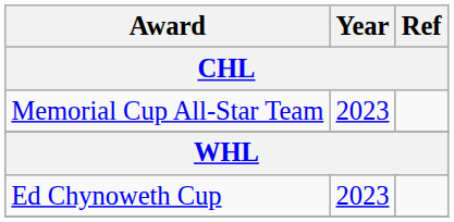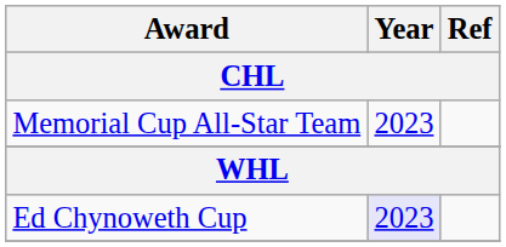 <table class="wikitable">
 <tr>
 <th>Award</th>
 <th>Year</th>
 <th>Ref</th>
 </tr>
 <tr ALIGN="center" bgcolor="#e0e0e0">
 <th colspan="4"><a href='#'>CHL</a></th>
 </tr>
 <tr>
 <td><a href='#'>Memorial Cup All-Star Team</a></td>
 <td><a href='#'>2023</a></td>
 <td></td>
 </tr>
 <tr>
 </tr>
 <tr ALIGN="center" bgcolor="#e0e0e0">
 <th colspan="4"><a href='#'>WHL</a></th>
 </tr>
 <tr>
 <td><a href='#'>Ed Chynoweth Cup</a></td>
-<td><a href='#'>2023</a></td>
+<td style="background: lavender;"><a href='#'>2023</a></td>
 <td></td>
 </tr>
 <tr>
 </tr>
 </table>
